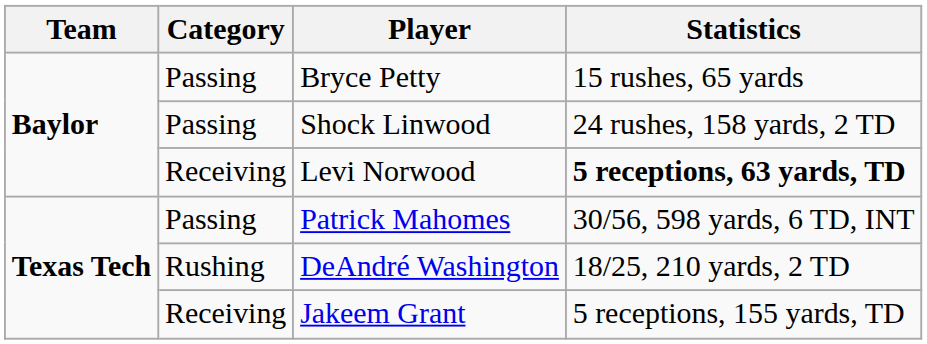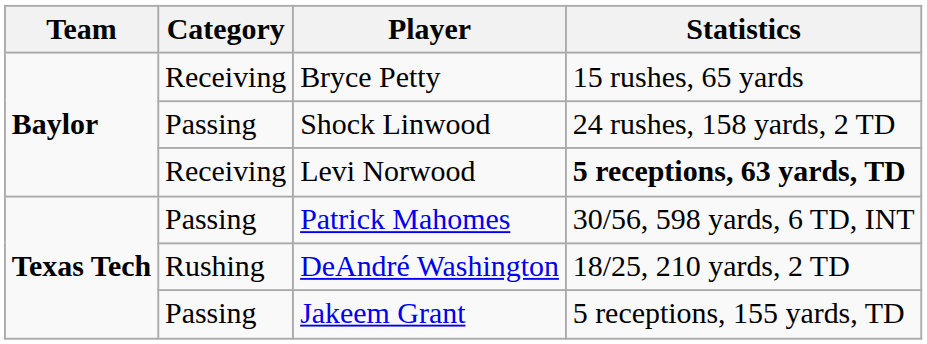 <table class="wikitable" style="float: left;">
 <tr>
 <th>Team</th>
 <th>Category</th>
 <th>Player</th>
 <th>Statistics</th>
 </tr>
 <tr>
 <td rowspan=3><strong>Baylor</strong></td>
-<td>Passing</td>
+<td>Receiving</td>
 <td>Bryce Petty</td>
 <td>15 rushes, 65 yards</td>
 </tr>
 <tr>
 <td>Passing</td>
 <td>Shock Linwood</td>
 <td>24 rushes, 158 yards, 2 TD</td>
 </tr>
 <tr>
 <td>Receiving</td>
 <td>Levi Norwood</td>
 <td><strong>5 receptions, 63 yards, TD</strong></td>
 </tr>
 <tr>
 <td rowspan=3><strong>Texas Tech</strong></td>
 <td>Passing</td>
 <td><a href='#'>Patrick Mahomes</a></td>
 <td>30/56, 598 yards, 6 TD, INT</td>
 </tr>
 <tr>
 <td>Rushing</td>
 <td><a href='#'>DeAndré Washington</a></td>
 <td>18/25, 210 yards, 2 TD</td>
 </tr>
 <tr>
-<td>Receiving</td>
+<td>Passing</td>
 <td><a href='#'>Jakeem Grant</a></td>
 <td>5 receptions, 155 yards, TD</td>
 </tr>
 </table>
